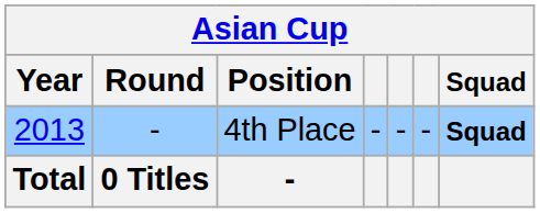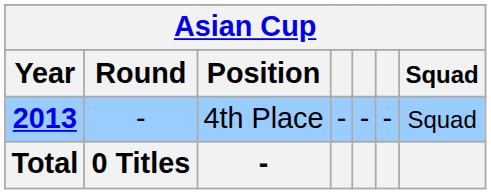 <table class="wikitable" style="text-align: center;">
 <tr>
 <th colspan=9><a href='#'>Asian Cup</a></th>
 </tr>
 <tr>
 <th>Year</th>
 <th>Round</th>
 <th>Position</th>
 <th></th>
 <th></th>
 <th></th>
 <th><small>Squad</small></th>
 </tr>
 <tr bgcolor=#9acdff>
-<td> <a href='#'>2013</a></td>
+<td><strong> <a href='#'>2013</a></strong></td>
 <td>-</td>
 <td>4th Place</td>
 <td>-</td>
 <td>-</td>
 <td>-</td>
-<td><strong><small>Squad</small></strong></td>
+<td><small>Squad</small></td>
 </tr>
 <tr>
 <th>Total</th>
 <th>0 Titles</th>
 <th>-</th>
 <th></th>
 <th></th>
 <th></th>
 <th></th>
 </tr>
 </table>
